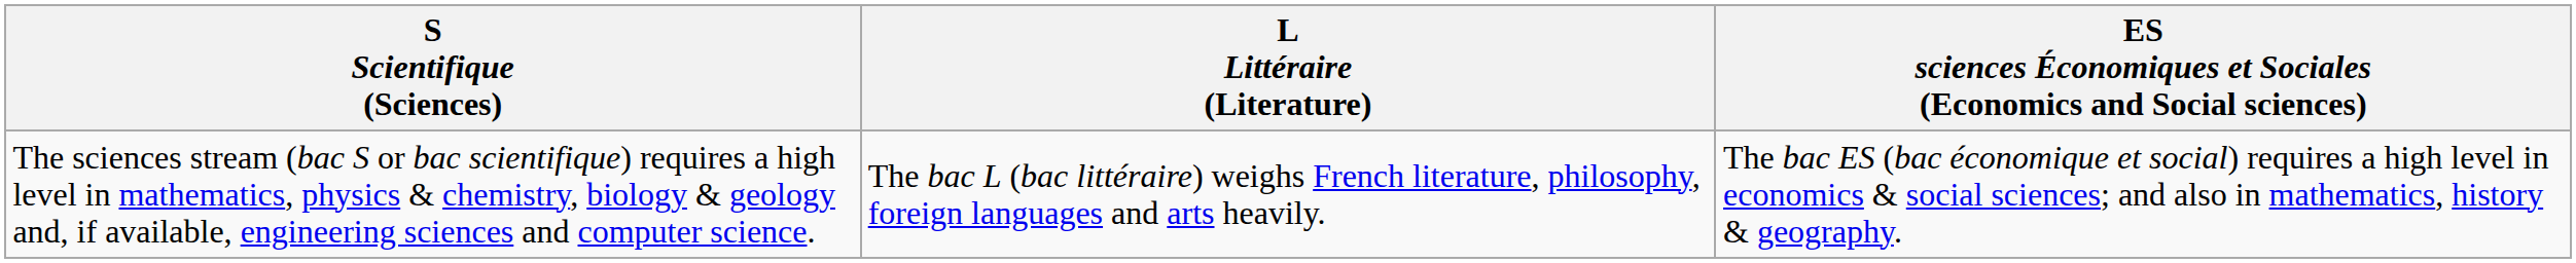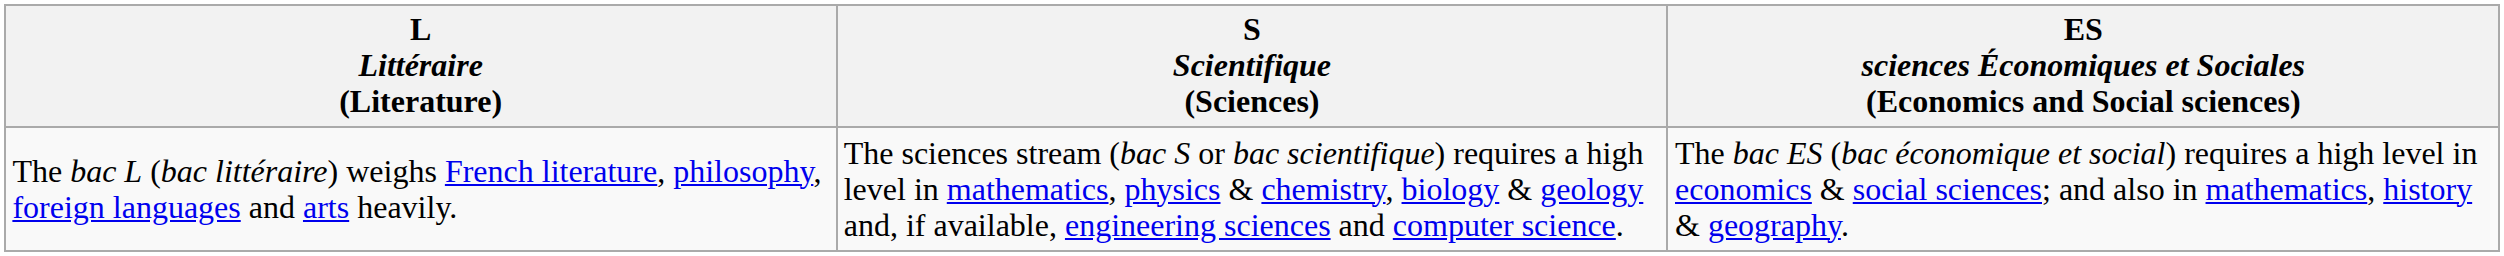 <table class="wikitable">
 <tr>
+<th style="width:33%">L <br><em>Littéraire</em><br> (Literature)</th>
 <th style="width:33%">S <br><em>Scientifique</em><br> (Sciences)</th>
-<th style="width:33%">L <br><em>Littéraire</em><br> (Literature)</th>
 <th style="width:33%">ES <br><em>sciences Économiques et Sociales</em><br> (Economics and Social sciences)</th>
 </tr>
 <tr>
+<td>The <em>bac L</em> (<em>bac littéraire</em>) weighs <a href='#'>French literature</a>, <a href='#'>philosophy</a>, <a href='#'>foreign languages</a> and <a href='#'>arts</a> heavily.</td>
 <td>The sciences stream (<em>bac S</em> or <em>bac scientifique</em>) requires a high level in <a href='#'>mathematics</a>, <a href='#'>physics</a> & <a href='#'>chemistry</a>, <a href='#'>biology</a> & <a href='#'>geology</a> and, if available, <a href='#'>engineering sciences</a> and <a href='#'>computer science</a>.</td>
-<td>The <em>bac L</em> (<em>bac littéraire</em>) weighs <a href='#'>French literature</a>, <a href='#'>philosophy</a>, <a href='#'>foreign languages</a> and <a href='#'>arts</a> heavily.</td>
 <td>The <em>bac ES</em> (<em>bac économique et social</em>) requires a high level in <a href='#'>economics</a> & <a href='#'>social sciences</a>; and also in <a href='#'>mathematics</a>, <a href='#'>history</a> & <a href='#'>geography</a>.</td>
 </tr>
 </table>
